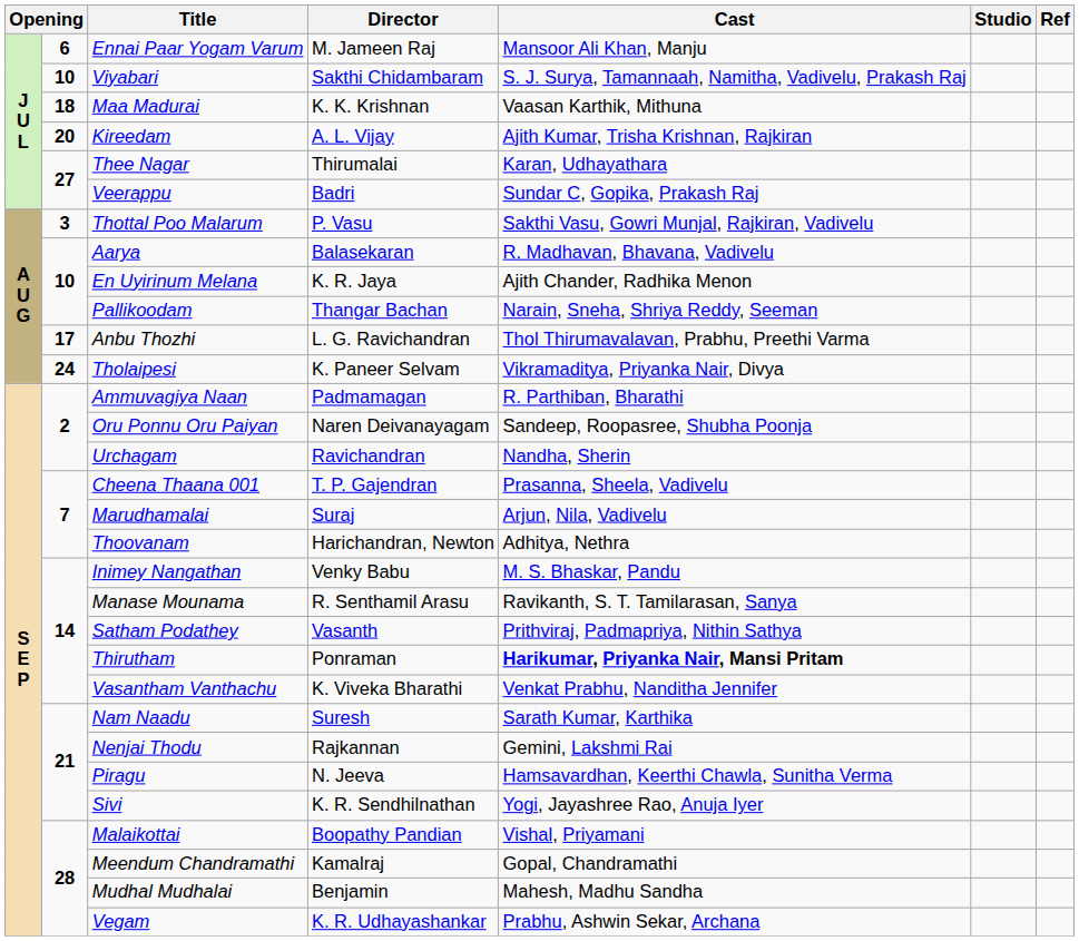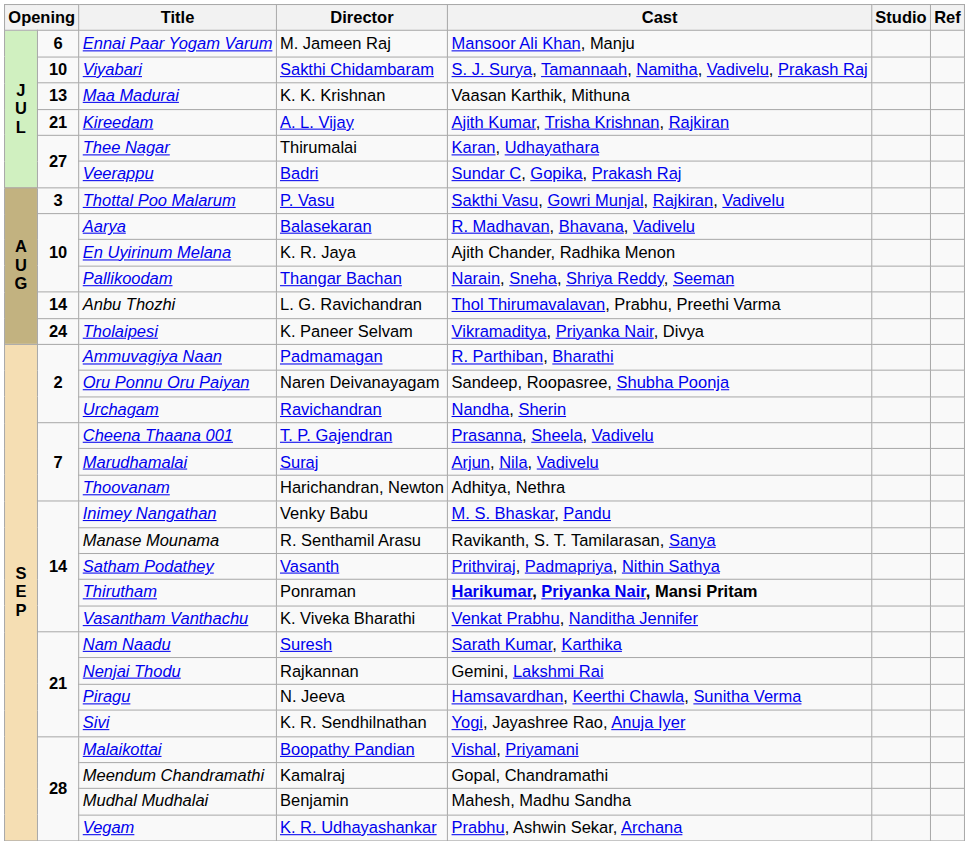 <table class="wikitable">
 <tr>
 <th colspan="2">Opening</th>
 <th>Title</th>
 <th>Director</th>
 <th>Cast</th>
 <th>Studio</th>
 <th>Ref</th>
 </tr>
 <tr July!>
 <td rowspan="6" valign="center" align="center" style="background:	#d0f0c0; textcolor:#000;"><strong>J<br>U<br>L</strong></td>
 <td rowspan="1" align="center"><strong>6</strong></td>
 <td><em><a href='#'>Ennai Paar Yogam Varum</a></em></td>
 <td>M. Jameen Raj</td>
 <td><a href='#'>Mansoor Ali Khan</a>, Manju</td>
 <td></td>
 <td></td>
 </tr>
 <tr>
 <td rowspan="1" align="center"><strong>10</strong></td>
 <td><em><a href='#'>Viyabari</a></em></td>
 <td><a href='#'>Sakthi Chidambaram</a></td>
 <td><a href='#'>S. J. Surya</a>, <a href='#'>Tamannaah</a>, <a href='#'>Namitha</a>, <a href='#'>Vadivelu</a>, <a href='#'>Prakash Raj</a></td>
 <td></td>
 <td></td>
 </tr>
 <tr>
-<td rowspan="1" align="center"><strong>18</strong></td>
+<td rowspan="1" align="center"><strong>13</strong></td>
 <td><em><a href='#'>Maa Madurai</a></em></td>
 <td>K. K. Krishnan</td>
 <td>Vaasan Karthik, Mithuna</td>
 <td></td>
 <td></td>
 </tr>
 <tr>
-<td rowspan="1" align="center"><strong>20</strong></td>
+<td rowspan="1" align="center"><strong>21</strong></td>
 <td><em><a href='#'>Kireedam</a></em></td>
 <td><a href='#'>A. L. Vijay</a></td>
 <td><a href='#'>Ajith Kumar</a>, <a href='#'>Trisha Krishnan</a>, <a href='#'>Rajkiran</a></td>
 <td></td>
 <td></td>
 </tr>
 <tr>
 <td rowspan="2" align="center"><strong>27</strong></td>
 <td><em><a href='#'>Thee Nagar</a></em></td>
 <td>Thirumalai</td>
 <td><a href='#'>Karan</a>, <a href='#'>Udhayathara</a></td>
 <td></td>
 <td></td>
 </tr>
 <tr>
 <td><em><a href='#'>Veerappu</a></em></td>
 <td><a href='#'>Badri</a></td>
 <td><a href='#'>Sundar C</a>, <a href='#'>Gopika</a>, <a href='#'>Prakash Raj</a></td>
 <td></td>
 <td></td>
 </tr>
 <tr August!>
 <td rowspan="6" valign="center" align="center" style="background:#C2B280;"><strong>A<br>U<br>G</strong></td>
 <td rowspan="1" align="center"><strong>3</strong></td>
 <td><em><a href='#'>Thottal Poo Malarum</a></em></td>
 <td><a href='#'>P. Vasu</a></td>
 <td><a href='#'>Sakthi Vasu</a>, <a href='#'>Gowri Munjal</a>, <a href='#'>Rajkiran</a>, <a href='#'>Vadivelu</a></td>
 <td></td>
 <td></td>
 </tr>
 <tr>
 <td rowspan="3" align="center"><strong>10</strong></td>
 <td><em><a href='#'>Aarya</a></em></td>
 <td><a href='#'>Balasekaran</a></td>
 <td><a href='#'>R. Madhavan</a>, <a href='#'>Bhavana</a>, <a href='#'>Vadivelu</a></td>
 <td></td>
 <td></td>
 </tr>
 <tr>
 <td><em><a href='#'>En Uyirinum Melana</a></em></td>
 <td>K. R. Jaya</td>
 <td>Ajith Chander, Radhika Menon</td>
 <td></td>
 <td></td>
 </tr>
 <tr>
 <td><em><a href='#'>Pallikoodam</a></em></td>
 <td><a href='#'>Thangar Bachan</a></td>
 <td><a href='#'>Narain</a>, <a href='#'>Sneha</a>, <a href='#'>Shriya Reddy</a>, <a href='#'>Seeman</a></td>
 <td></td>
 <td></td>
 </tr>
 <tr>
-<td rowspan="1" align="center"><strong>17</strong></td>
+<td rowspan="1" align="center"><strong>14</strong></td>
 <td><em>Anbu Thozhi</em></td>
 <td>L. G. Ravichandran</td>
 <td><a href='#'>Thol Thirumavalavan</a>, Prabhu, Preethi Varma</td>
 <td></td>
 <td></td>
 </tr>
 <tr>
 <td rowspan="1" align="center"><strong>24</strong></td>
 <td><em><a href='#'>Tholaipesi</a></em></td>
 <td>K. Paneer Selvam</td>
 <td><a href='#'>Vikramaditya</a>, <a href='#'>Priyanka Nair</a>, Divya</td>
 <td></td>
 <td></td>
 </tr>
 <tr September!>
 <td rowspan="20" valign="center" align="center" style="background:#F5DEB3; textcolor:#000;"><strong>S<br>E<br>P</strong></td>
 <td rowspan="3" align="center"><strong>2</strong></td>
 <td><em><a href='#'>Ammuvagiya Naan</a></em></td>
 <td><a href='#'>Padmamagan</a></td>
 <td><a href='#'>R. Parthiban</a>, <a href='#'>Bharathi</a></td>
 <td></td>
 <td></td>
 </tr>
 <tr>
 <td><em><a href='#'>Oru Ponnu Oru Paiyan</a></em></td>
 <td>Naren Deivanayagam</td>
 <td>Sandeep, Roopasree, <a href='#'>Shubha Poonja</a></td>
 <td></td>
 <td></td>
 </tr>
 <tr>
 <td><em><a href='#'>Urchagam</a></em></td>
 <td><a href='#'>Ravichandran</a></td>
 <td><a href='#'>Nandha</a>, <a href='#'>Sherin</a></td>
 <td></td>
 <td></td>
 </tr>
 <tr>
 <td rowspan="3" align="center"><strong>7</strong></td>
 <td><em><a href='#'>Cheena Thaana 001</a></em></td>
 <td><a href='#'>T. P. Gajendran</a></td>
 <td><a href='#'>Prasanna</a>, <a href='#'>Sheela</a>, <a href='#'>Vadivelu</a></td>
 <td></td>
 <td></td>
 </tr>
 <tr>
 <td><em><a href='#'>Marudhamalai</a></em></td>
 <td><a href='#'>Suraj</a></td>
 <td><a href='#'>Arjun</a>, <a href='#'>Nila</a>, <a href='#'>Vadivelu</a></td>
 <td></td>
 <td></td>
 </tr>
 <tr>
 <td><em><a href='#'>Thoovanam</a></em></td>
 <td>Harichandran, Newton</td>
 <td>Adhitya, Nethra</td>
 <td></td>
 <td></td>
 </tr>
 <tr>
 <td rowspan="5" align="center"><strong>14</strong></td>
 <td><em><a href='#'>Inimey Nangathan</a></em></td>
 <td>Venky Babu</td>
 <td><a href='#'>M. S. Bhaskar</a>, <a href='#'>Pandu</a></td>
 <td></td>
 <td></td>
 </tr>
 <tr>
 <td><em>Manase Mounama</em></td>
 <td>R. Senthamil Arasu</td>
 <td>Ravikanth, S. T. Tamilarasan, <a href='#'>Sanya</a></td>
 <td></td>
 <td></td>
 </tr>
 <tr>
 <td><em><a href='#'>Satham Podathey</a></em></td>
 <td><a href='#'>Vasanth</a></td>
 <td><a href='#'>Prithviraj</a>, <a href='#'>Padmapriya</a>, <a href='#'>Nithin Sathya</a></td>
 <td></td>
 <td></td>
 </tr>
 <tr>
 <td><em><a href='#'>Thirutham</a></em></td>
 <td>Ponraman</td>
 <td><strong><a href='#'>Harikumar</a>, <a href='#'>Priyanka Nair</a>, Mansi Pritam</strong></td>
 <td></td>
 <td></td>
 </tr>
 <tr>
 <td><em><a href='#'>Vasantham Vanthachu</a></em></td>
 <td>K. Viveka Bharathi</td>
 <td><a href='#'>Venkat Prabhu</a>, <a href='#'>Nanditha Jennifer</a></td>
 <td></td>
 <td></td>
 </tr>
 <tr>
 <td rowspan="4" align="center"><strong>21</strong></td>
 <td><em><a href='#'>Nam Naadu</a></em></td>
 <td><a href='#'>Suresh</a></td>
 <td><a href='#'>Sarath Kumar</a>, <a href='#'>Karthika</a></td>
 <td></td>
 <td></td>
 </tr>
 <tr>
 <td><em><a href='#'>Nenjai Thodu</a></em></td>
 <td>Rajkannan</td>
 <td>Gemini, <a href='#'>Lakshmi Rai</a></td>
 <td></td>
 <td></td>
 </tr>
 <tr>
 <td><em><a href='#'>Piragu</a></em></td>
 <td>N. Jeeva</td>
 <td><a href='#'>Hamsavardhan</a>, <a href='#'>Keerthi Chawla</a>, <a href='#'>Sunitha Verma</a></td>
 <td></td>
 <td></td>
 </tr>
 <tr>
 <td><em><a href='#'>Sivi</a></em></td>
 <td>K. R. Sendhilnathan</td>
 <td><a href='#'>Yogi</a>, Jayashree Rao, <a href='#'>Anuja Iyer</a></td>
 <td></td>
 <td></td>
 </tr>
 <tr>
 <td rowspan="4" align="center"><strong>28</strong></td>
 <td><em><a href='#'>Malaikottai</a></em></td>
 <td><a href='#'>Boopathy Pandian</a></td>
 <td><a href='#'>Vishal</a>, <a href='#'>Priyamani</a></td>
 <td></td>
 <td></td>
 </tr>
 <tr>
 <td><em>Meendum Chandramathi</em></td>
 <td>Kamalraj</td>
 <td>Gopal, Chandramathi</td>
 <td></td>
 <td></td>
 </tr>
 <tr>
 <td><em>Mudhal Mudhalai</em></td>
 <td>Benjamin</td>
 <td>Mahesh, Madhu Sandha</td>
 <td></td>
 <td></td>
 </tr>
 <tr>
 <td><em><a href='#'>Vegam</a></em></td>
 <td><a href='#'>K. R. Udhayashankar</a></td>
 <td><a href='#'>Prabhu</a>, Ashwin Sekar, <a href='#'>Archana</a></td>
 <td></td>
 <td></td>
 </tr>
 </table>
